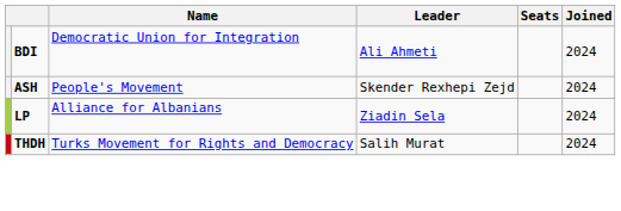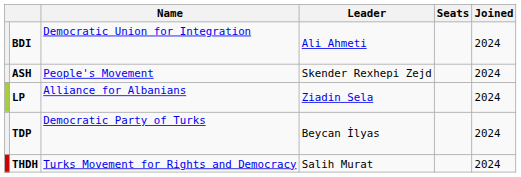 <table class="wikitable" style="text-align:left;">
 <tr>
 <th colspan="2"></th>
 <th>Name</th>
 <th>Leader</th>
 <th>Seats</th>
 <th>Joined</th>
 </tr>
 <tr>
 <th style="background-color:"></th>
 <td><strong>BDI</strong></td>
 <td><a href='#'>Democratic Union for Integration</a><br><br><br></td>
 <td><a href='#'>Ali Ahmeti</a></td>
 <td></td>
 <td>2024</td>
 </tr>
 <tr>
 <th style="background-color:"></th>
 <td><strong>ASH</strong></td>
 <td><a href='#'>People's Movement</a><br></td>
 <td>Skender Rexhepi Zejd</td>
 <td></td>
 <td>2024</td>
 </tr>
 <tr>
 <th style="background-color:#A5CF3D;"></th>
 <td><strong>LP</strong></td>
 <td><a href='#'>Alliance for Albanians</a><br><br></td>
 <td><a href='#'>Ziadin Sela</a></td>
 <td></td>
 <td>2024</td>
 </tr>
 <tr>
+<th style="background-color:"></th>
+<td><strong>TDP</strong></td>
+<td><a href='#'>Democratic Party of Turks</a><br><br><br></td>
+<td>Beycan İlyas</td>
+<td></td>
+<td>2024</td>
+</tr>
+<tr>
 <th style="background-color:#CD0303;"></th>
 <td><strong>THDH</strong></td>
 <td><a href='#'>Turks Movement for Rights and Democracy</a></td>
 <td>Salih Murat</td>
 <td></td>
 <td>2024</td>
 </tr>
 </table>
